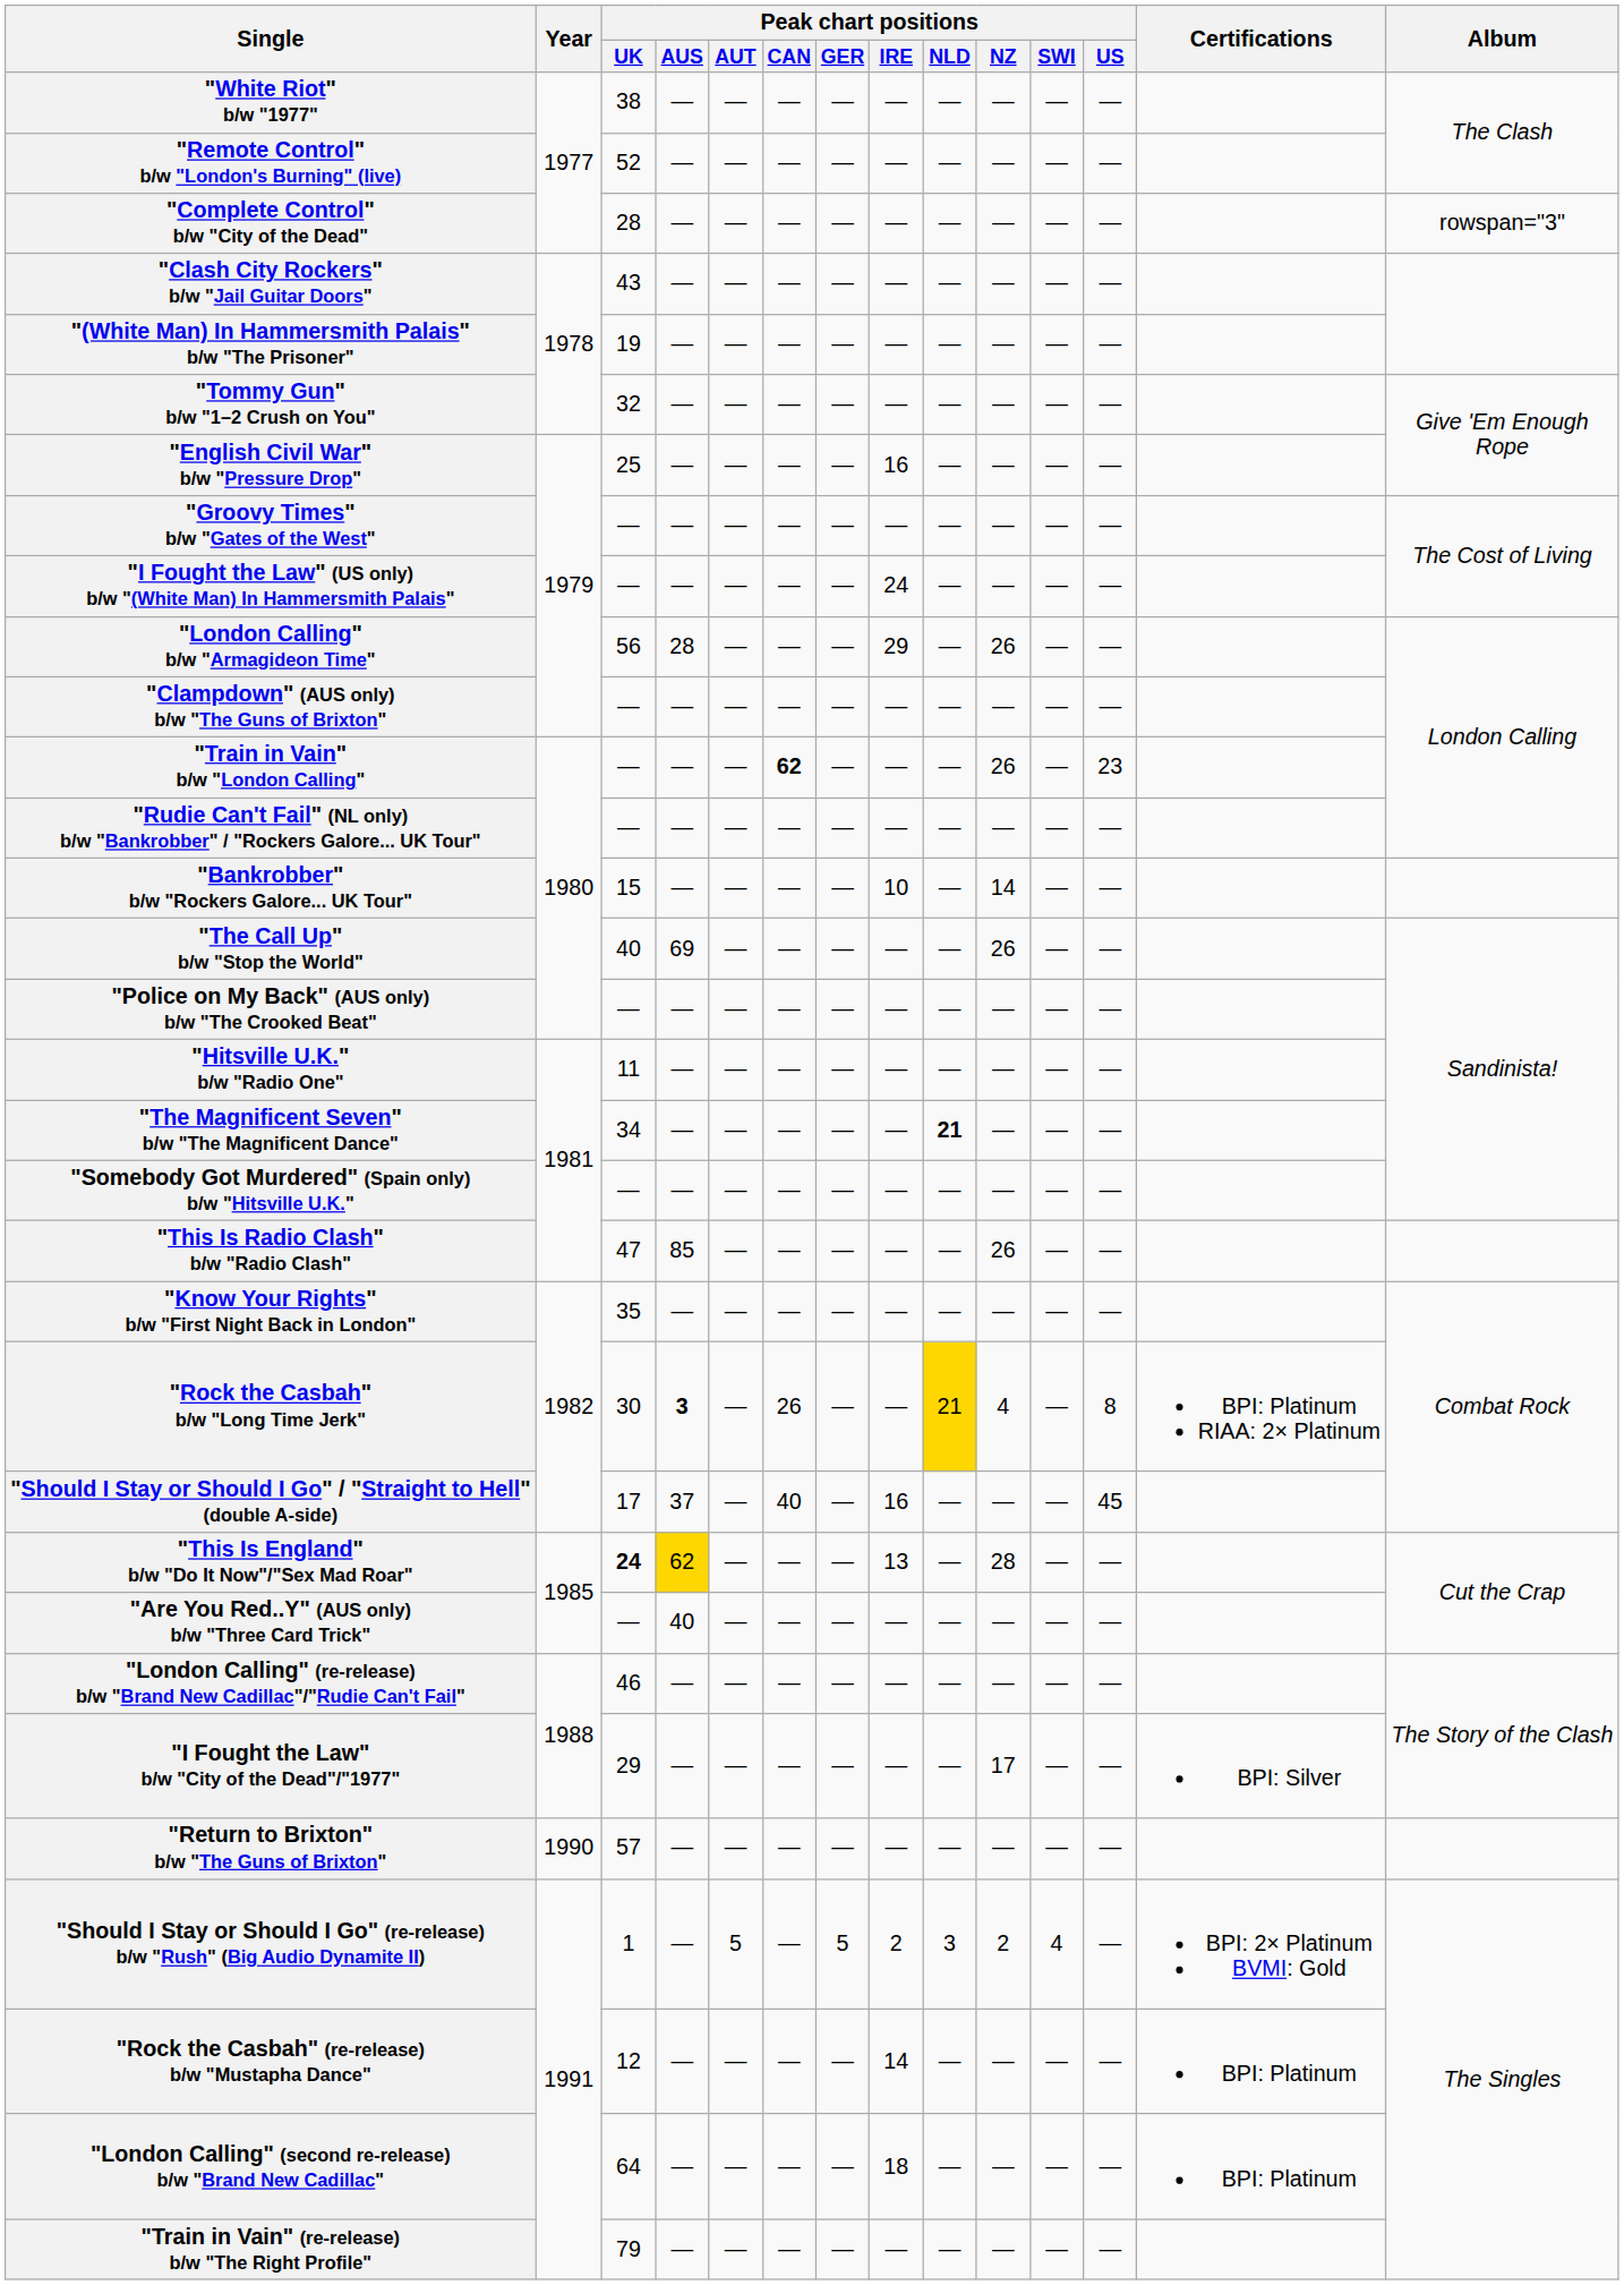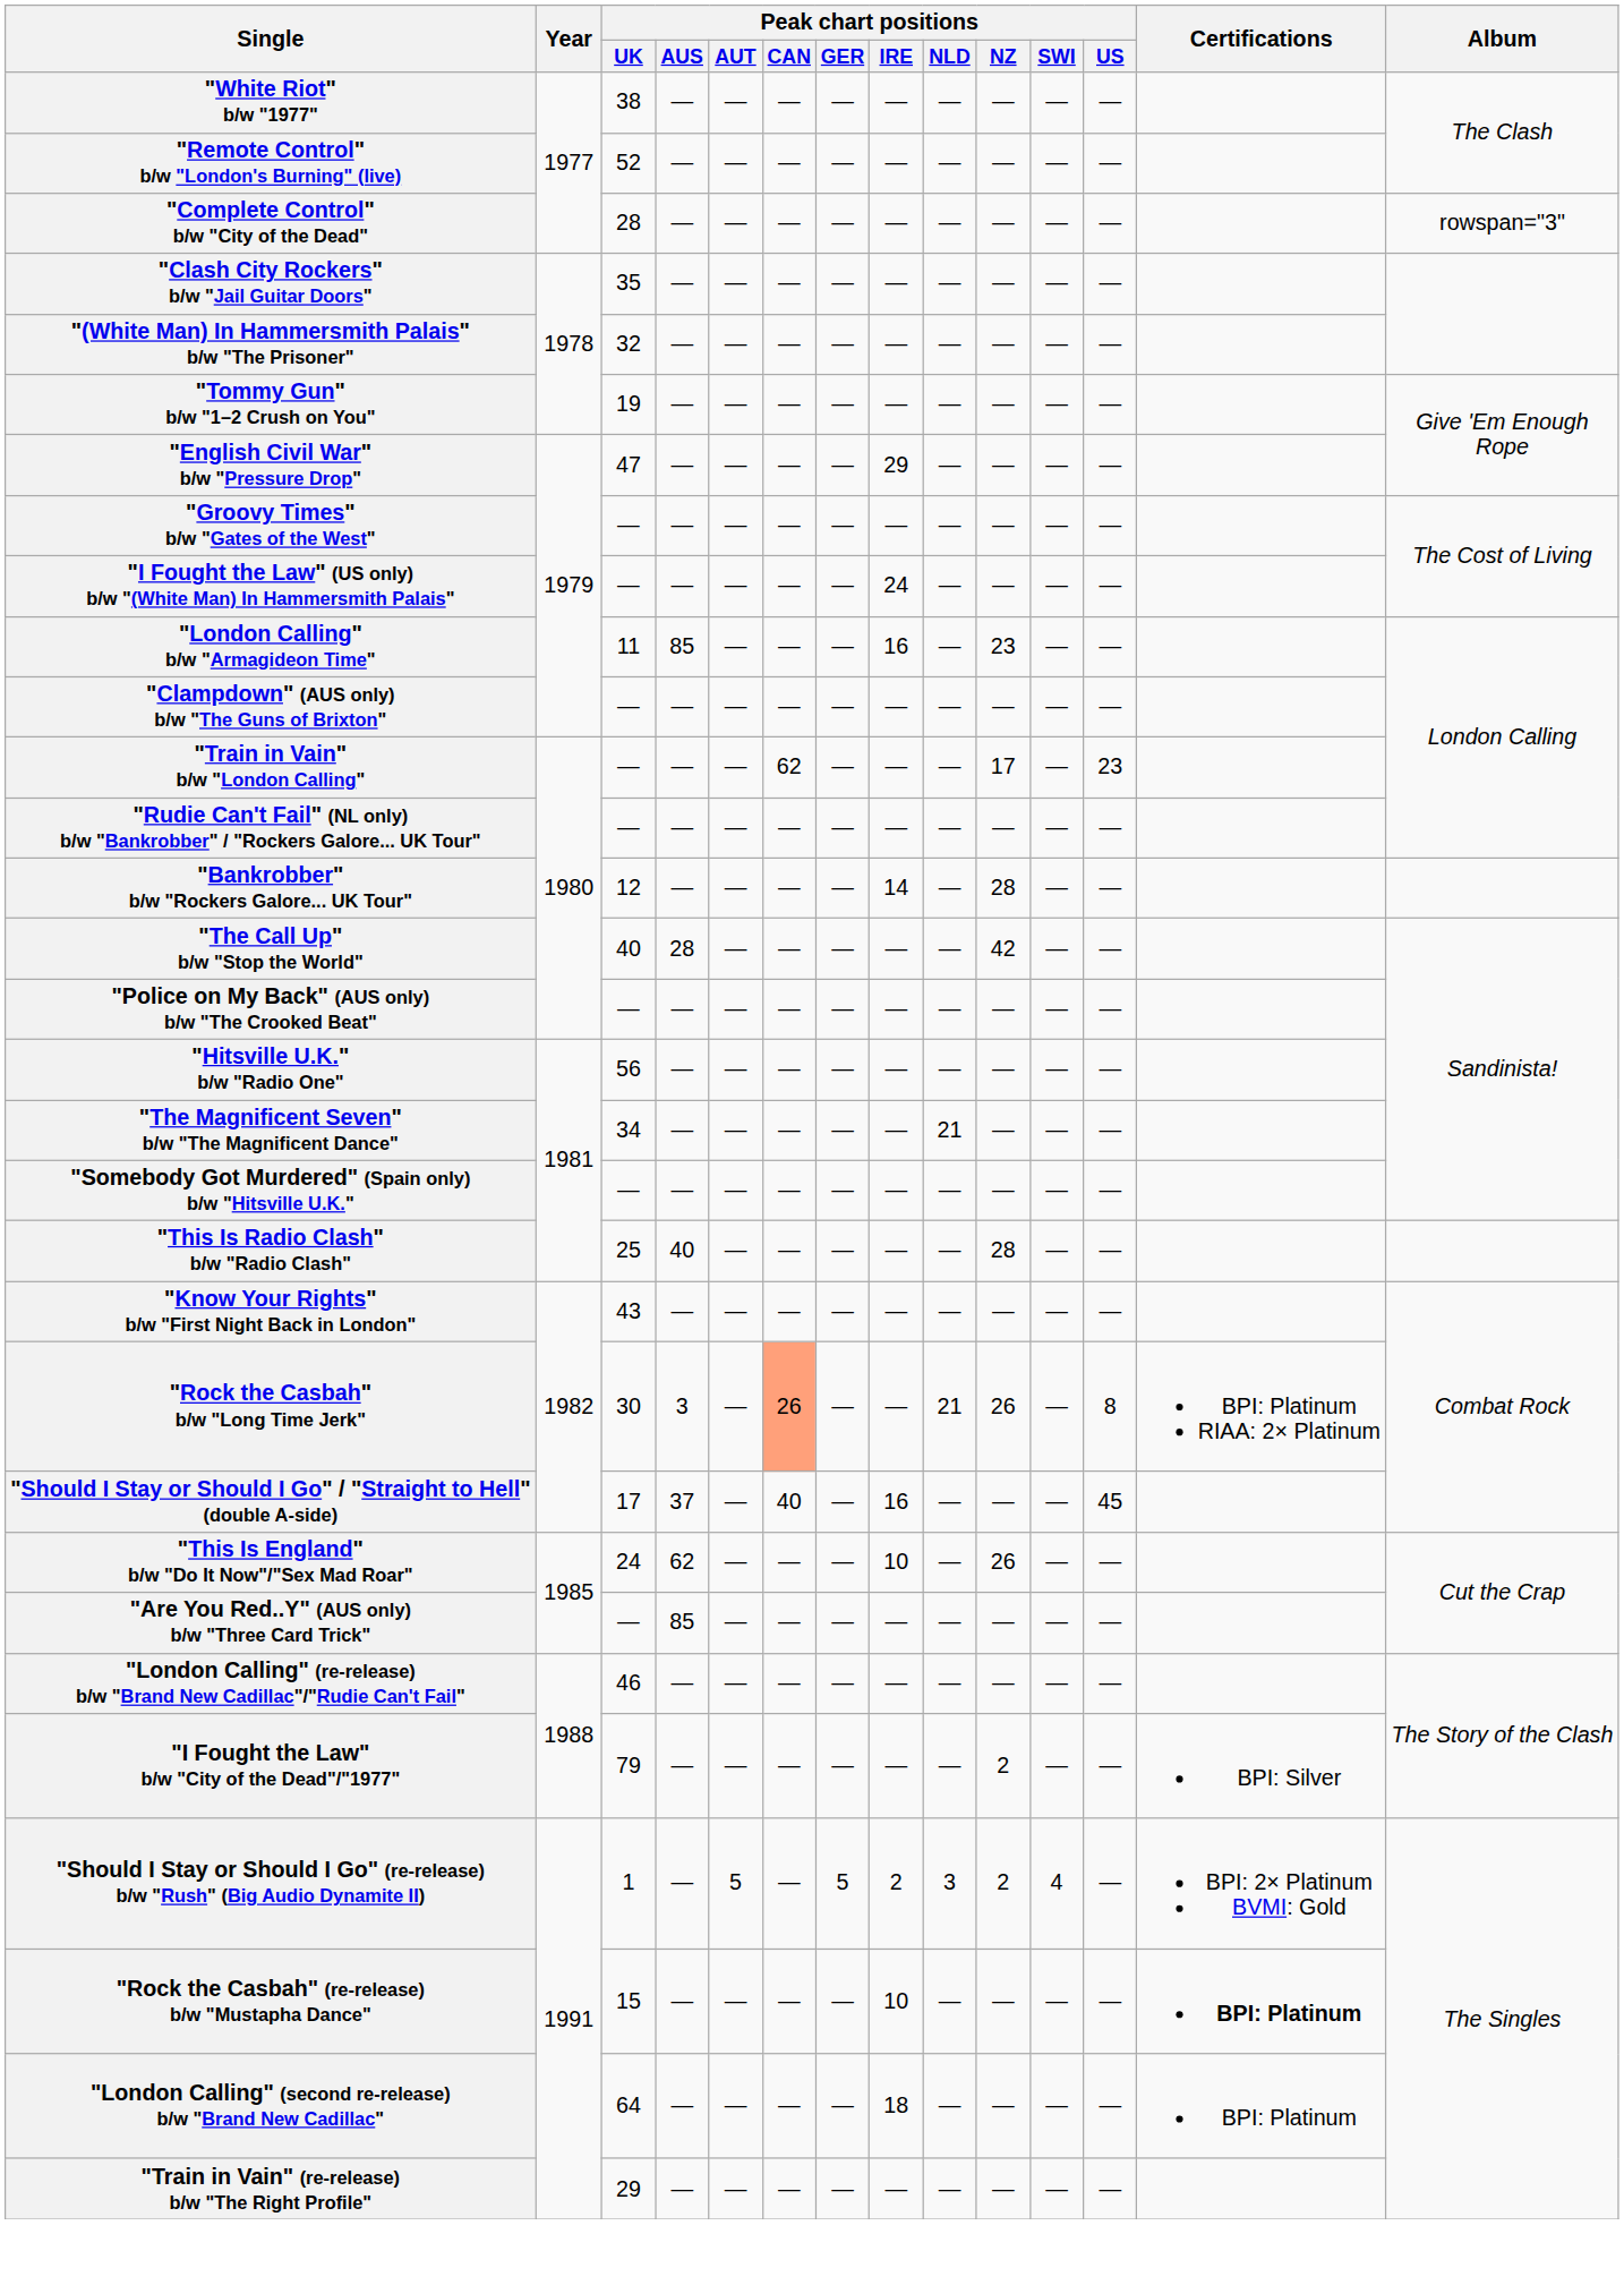 <table class="wikitable plainrowheaders" style="text-align:center;" border="1">
 <tr>
 <th scope="col" rowspan="2">Single</th>
 <th scope="col" rowspan="2" style="width:2.5em;">Year</th>
 <th scope="col" colspan="10">Peak chart positions</th>
 <th scope="col" rowspan="2">Certifications</th>
 <th scope="col" rowspan="2" style="width:10em;">Album</th>
 </tr>
 <tr>
 <th scope="col" style="width:2.2em; font-size:90%;"><a href='#'>UK</a><br></th>
 <th scope="col" style="width:2.2em; font-size:90%;"><a href='#'>AUS</a><br></th>
 <th scope="col" style="width:2.2em; font-size:90%;"><a href='#'>AUT</a><br></th>
 <th scope="col" style="width:2.2em; font-size:90%;"><a href='#'>CAN</a></th>
 <th scope="col" style="width:2.2em; font-size:90%;"><a href='#'>GER</a><br></th>
 <th scope="col" style="width:2.2em; font-size:90%;"><a href='#'>IRE</a><br></th>
 <th scope="col" style="width:2.2em; font-size:90%;"><a href='#'>NLD</a><br></th>
 <th scope="col" style="width:2.2em; font-size:90%;"><a href='#'>NZ</a><br></th>
 <th scope="col" style="width:2.2em; font-size:90%;"><a href='#'>SWI</a><br></th>
 <th scope="col" style="width:2.2em; font-size:90%;"><a href='#'>US</a><br></th>
 </tr>
 <tr>
 <th scope="row">"<a href='#'>White Riot</a>"<br><small>b/w "1977"</small></th>
 <td rowspan="3">1977</td>
 <td>38</td>
 <td>—</td>
 <td>—</td>
 <td>—</td>
 <td>—</td>
 <td>—</td>
 <td>—</td>
 <td>—</td>
 <td>—</td>
 <td>—</td>
 <td></td>
 <td rowspan="2"><em>The Clash</em></td>
 </tr>
 <tr>
 <th scope="row">"<a href='#'>Remote Control</a>"<br><small>b/w <a href='#'>"London's Burning" (live)</a></small></th>
 <td>52</td>
 <td>—</td>
 <td>—</td>
 <td>—</td>
 <td>—</td>
 <td>—</td>
 <td>—</td>
 <td>—</td>
 <td>—</td>
 <td>—</td>
 <td></td>
 </tr>
 <tr>
 <th scope="row">"<a href='#'>Complete Control</a>"<br><small>b/w "City of the Dead"</small></th>
 <td>28</td>
 <td>—</td>
 <td>—</td>
 <td>—</td>
 <td>—</td>
 <td>—</td>
 <td>—</td>
 <td>—</td>
 <td>—</td>
 <td>—</td>
 <td></td>
 <td>rowspan="3" </td>
 </tr>
 <tr>
 <th scope="row">"<a href='#'>Clash City Rockers</a>"<br><small>b/w "<a href='#'>Jail Guitar Doors</a>"</small></th>
 <td rowspan="3">1978</td>
-<td>43</td>
+<td>35</td>
 <td>—</td>
 <td>—</td>
 <td>—</td>
 <td>—</td>
 <td>—</td>
 <td>—</td>
 <td>—</td>
 <td>—</td>
 <td>—</td>
 <td></td>
 </tr>
 <tr>
 <th scope="row">"<a href='#'>(White Man) In Hammersmith Palais</a>"<br><small>b/w "The Prisoner"</small></th>
-<td>19</td>
+<td>32</td>
 <td>—</td>
 <td>—</td>
 <td>—</td>
 <td>—</td>
 <td>—</td>
 <td>—</td>
 <td>—</td>
 <td>—</td>
 <td>—</td>
 <td></td>
 </tr>
 <tr>
 <th scope="row">"<a href='#'>Tommy Gun</a>"<br><small>b/w "1–2 Crush on You"</small></th>
-<td>32</td>
+<td>19</td>
 <td>—</td>
 <td>—</td>
 <td>—</td>
 <td>—</td>
 <td>—</td>
 <td>—</td>
 <td>—</td>
 <td>—</td>
 <td>—</td>
 <td></td>
 <td rowspan="2"><em>Give 'Em Enough Rope</em></td>
 </tr>
 <tr>
 <th scope="row">"<a href='#'>English Civil War</a>"<br><small>b/w "<a href='#'>Pressure Drop</a>"</small></th>
 <td rowspan="5">1979</td>
-<td>25</td>
+<td>47</td>
 <td>—</td>
 <td>—</td>
 <td>—</td>
 <td>—</td>
-<td>16</td>
+<td>29</td>
 <td>—</td>
 <td>—</td>
 <td>—</td>
 <td>—</td>
 <td></td>
 </tr>
 <tr>
 <th scope="row">"<a href='#'>Groovy Times</a>"<br><small>b/w "<a href='#'>Gates of the West</a>"</small></th>
 <td>—</td>
 <td>—</td>
 <td>—</td>
 <td>—</td>
 <td>—</td>
 <td>—</td>
 <td>—</td>
 <td>—</td>
 <td>—</td>
 <td>—</td>
 <td></td>
 <td rowspan="2"><em>The Cost of Living</em></td>
 </tr>
 <tr>
 <th scope="row">"<a href='#'>I Fought the Law</a>" <small>(US only)</small><br><small>b/w "<a href='#'>(White Man) In Hammersmith Palais</a>"</small></th>
 <td>—</td>
 <td>—</td>
 <td>—</td>
 <td>—</td>
 <td>—</td>
 <td>24</td>
 <td>—</td>
 <td>—</td>
 <td>—</td>
 <td>—</td>
 <td></td>
 </tr>
 <tr>
 <th scope="row">"<a href='#'>London Calling</a>"<br><small>b/w "<a href='#'>Armagideon Time</a>"</small></th>
-<td>56</td>
-<td>28</td>
+<td>11</td>
+<td>85</td>
 <td>—</td>
 <td>—</td>
 <td>—</td>
-<td>29</td>
+<td>16</td>
 <td>—</td>
-<td>26</td>
+<td>23</td>
 <td>—</td>
 <td>—</td>
 <td></td>
 <td rowspan="4"><em>London Calling</em></td>
 </tr>
 <tr>
 <th scope="row">"<a href='#'>Clampdown</a>" <small>(AUS only)</small><br><small>b/w "<a href='#'>The Guns of Brixton</a>"</small></th>
 <td>—</td>
 <td>—</td>
 <td>—</td>
 <td>—</td>
 <td>—</td>
 <td>—</td>
 <td>—</td>
 <td>—</td>
 <td>—</td>
 <td>—</td>
 <td></td>
 </tr>
 <tr>
 <th scope="row">"<a href='#'>Train in Vain</a>"<br><small>b/w "<a href='#'>London Calling</a>"</small></th>
 <td rowspan="5">1980</td>
 <td>—</td>
 <td>—</td>
 <td>—</td>
-<td><strong>62</strong></td>
+<td>62</td>
 <td>—</td>
 <td>—</td>
 <td>—</td>
-<td>26</td>
+<td>17</td>
 <td>—</td>
 <td>23</td>
 <td></td>
 </tr>
 <tr>
 <th scope="row">"<a href='#'>Rudie Can't Fail</a>" <small>(NL only)</small><br><small>b/w "<a href='#'>Bankrobber</a>" / "Rockers Galore... UK Tour"</small></th>
 <td>—</td>
 <td>—</td>
 <td>—</td>
 <td>—</td>
 <td>—</td>
 <td>—</td>
 <td>—</td>
 <td>—</td>
 <td>—</td>
 <td>—</td>
 <td></td>
 </tr>
 <tr>
 <th scope="row">"<a href='#'>Bankrobber</a>"<br><small>b/w "Rockers Galore... UK Tour"</small></th>
-<td>15</td>
+<td>12</td>
 <td>—</td>
 <td>—</td>
 <td>—</td>
 <td>—</td>
-<td>10</td>
+<td>14</td>
 <td>—</td>
-<td>14</td>
+<td>28</td>
 <td>—</td>
 <td>—</td>
 <td></td>
 <td></td>
 </tr>
 <tr>
 <th scope="row">"<a href='#'>The Call Up</a>"<br><small>b/w "Stop the World"</small></th>
 <td>40</td>
-<td>69</td>
+<td>28</td>
 <td>—</td>
 <td>—</td>
 <td>—</td>
 <td>—</td>
 <td>—</td>
-<td>26</td>
+<td>42</td>
 <td>—</td>
 <td>—</td>
 <td></td>
 <td rowspan="5"><em>Sandinista!</em></td>
 </tr>
 <tr>
 <th scope="row">"Police on My Back" <small>(AUS only)</small><br><small>b/w "The Crooked Beat"</small></th>
 <td>—</td>
 <td>—</td>
 <td>—</td>
 <td>—</td>
 <td>—</td>
 <td>—</td>
 <td>—</td>
 <td>—</td>
 <td>—</td>
 <td>—</td>
 <td></td>
 </tr>
 <tr>
 <th scope="row">"<a href='#'>Hitsville U.K.</a>"<br><small>b/w "Radio One"</small></th>
 <td rowspan="4">1981</td>
-<td>11</td>
+<td>56</td>
 <td>—</td>
 <td>—</td>
 <td>—</td>
 <td>—</td>
 <td>—</td>
 <td>—</td>
 <td>—</td>
 <td>—</td>
 <td>—</td>
 <td></td>
 </tr>
 <tr>
 <th scope="row">"<a href='#'>The Magnificent Seven</a>"<br><small>b/w "The Magnificent Dance"</small></th>
 <td>34</td>
 <td>—</td>
 <td>—</td>
 <td>—</td>
 <td>—</td>
 <td>—</td>
-<td><strong>21</strong></td>
+<td>21</td>
 <td>—</td>
 <td>—</td>
 <td>—</td>
 <td></td>
 </tr>
 <tr>
 <th scope="row">"Somebody Got Murdered" <small>(Spain only)</small><br><small>b/w "<a href='#'>Hitsville U.K.</a>"</small></th>
 <td>—</td>
 <td>—</td>
 <td>—</td>
 <td>—</td>
 <td>—</td>
 <td>—</td>
 <td>—</td>
 <td>—</td>
 <td>—</td>
 <td>—</td>
 <td></td>
 </tr>
 <tr>
 <th scope="row">"<a href='#'>This Is Radio Clash</a>"<br><small>b/w "Radio Clash"</small></th>
-<td>47</td>
-<td>85</td>
+<td>25</td>
+<td>40</td>
 <td>—</td>
 <td>—</td>
 <td>—</td>
 <td>—</td>
 <td>—</td>
-<td>26</td>
+<td>28</td>
 <td>—</td>
 <td>—</td>
 <td></td>
 <td></td>
 </tr>
 <tr>
 <th scope="row">"<a href='#'>Know Your Rights</a>"<br><small>b/w "First Night Back in London"</small></th>
 <td rowspan="3">1982</td>
-<td>35</td>
+<td>43</td>
 <td>—</td>
 <td>—</td>
 <td>—</td>
 <td>—</td>
 <td>—</td>
 <td>—</td>
 <td>—</td>
 <td>—</td>
 <td>—</td>
 <td></td>
 <td rowspan="3"><em>Combat Rock</em></td>
 </tr>
 <tr>
 <th scope="row">"<a href='#'>Rock the Casbah</a>"<br><small>b/w "Long Time Jerk"</small></th>
 <td>30</td>
-<td><strong>3</strong></td>
+<td>3</td>
 <td>—</td>
-<td>26</td>
+<td style="background: lightsalmon;">26</td>
 <td>—</td>
 <td>—</td>
-<td style="background: gold;">21</td>
-<td>4</td>
+<td>21</td>
+<td>26</td>
 <td>—</td>
 <td>8</td>
 <td><br><ul><li>BPI: Platinum</li><li>RIAA: 2× Platinum</li></ul></td>
 </tr>
 <tr>
 <th scope="row">"<a href='#'>Should I Stay or Should I Go</a>" / "<a href='#'>Straight to Hell</a>"<br><small>(double A-side)</small></th>
 <td>17</td>
 <td>37</td>
 <td>—</td>
 <td>40</td>
 <td>—</td>
 <td>16</td>
 <td>—</td>
 <td>—</td>
 <td>—</td>
 <td>45</td>
 <td></td>
 </tr>
 <tr>
 <th scope="row">"<a href='#'>This Is England</a>"<br><small>b/w "Do It Now"/"Sex Mad Roar"</small></th>
 <td rowspan="2">1985</td>
-<td><strong>24</strong></td>
-<td style="background: gold;">62</td>
+<td>24</td>
+<td>62</td>
 <td>—</td>
 <td>—</td>
 <td>—</td>
-<td>13</td>
+<td>10</td>
 <td>—</td>
-<td>28</td>
+<td>26</td>
 <td>—</td>
 <td>—</td>
 <td></td>
 <td rowspan="2"><em>Cut the Crap</em></td>
 </tr>
 <tr>
 <th scope="row">"Are You Red..Y" <small>(AUS only)</small><br><small>b/w "Three Card Trick"</small></th>
 <td>—</td>
-<td>40</td>
+<td>85</td>
 <td>—</td>
 <td>—</td>
 <td>—</td>
 <td>—</td>
 <td>—</td>
 <td>—</td>
 <td>—</td>
 <td>—</td>
 <td></td>
 </tr>
 <tr>
 <th scope="row">"London Calling" <small>(re-release)</small><br><small>b/w "<a href='#'>Brand New Cadillac</a>"/"<a href='#'>Rudie Can't Fail</a>"</small></th>
 <td rowspan="2">1988</td>
 <td>46</td>
 <td>—</td>
 <td>—</td>
 <td>—</td>
 <td>—</td>
 <td>—</td>
 <td>—</td>
 <td>—</td>
 <td>—</td>
 <td>—</td>
 <td></td>
 <td rowspan="2"><em>The Story of the Clash</em></td>
 </tr>
 <tr>
 <th scope="row">"I Fought the Law"<br><small>b/w "City of the Dead"/"1977"</small></th>
-<td>29</td>
+<td>79</td>
 <td>—</td>
 <td>—</td>
 <td>—</td>
 <td>—</td>
 <td>—</td>
 <td>—</td>
-<td>17</td>
+<td>2</td>
 <td>—</td>
 <td>—</td>
 <td><br><ul><li>BPI: Silver</li></ul></td>
-</tr>
-<tr>
-<th scope="row">"Return to Brixton"<br><small>b/w "<a href='#'>The Guns of Brixton</a>"</small></th>
-<td>1990</td>
-<td>57</td>
-<td>—</td>
-<td>—</td>
-<td>—</td>
-<td>—</td>
-<td>—</td>
-<td>—</td>
-<td>—</td>
-<td>—</td>
-<td>—</td>
-<td></td>
-<td></td>
 </tr>
 <tr>
 <th scope="row">"Should I Stay or Should I Go" <small>(re-release)</small><br><small>b/w "<a href='#'>Rush</a>" (<a href='#'>Big Audio Dynamite II</a>)</small></th>
 <td rowspan="4">1991</td>
 <td>1</td>
 <td>—</td>
 <td>5</td>
 <td>—</td>
 <td>5</td>
 <td>2</td>
 <td>3</td>
 <td>2</td>
 <td>4</td>
 <td>—</td>
 <td><br><ul><li>BPI: 2× Platinum</li><li><a href='#'>BVMI</a>: Gold</li></ul></td>
 <td rowspan="4"><em>The Singles</em></td>
 </tr>
 <tr>
 <th scope="row">"Rock the Casbah" <small>(re-release)</small><br><small>b/w "Mustapha Dance"</small></th>
-<td>12</td>
+<td>15</td>
 <td>—</td>
 <td>—</td>
 <td>—</td>
 <td>—</td>
-<td>14</td>
+<td>10</td>
 <td>—</td>
 <td>—</td>
 <td>—</td>
 <td>—</td>
-<td><br><ul><li>BPI: Platinum</li></ul></td>
+<td><strong><br><ul><li>BPI: Platinum</li></ul></strong></td>
 </tr>
 <tr>
 <th scope="row">"London Calling" <small>(second re-release)</small><br><small>b/w "<a href='#'>Brand New Cadillac</a>"</small></th>
 <td>64</td>
 <td>—</td>
 <td>—</td>
 <td>—</td>
 <td>—</td>
 <td>18</td>
 <td>—</td>
 <td>—</td>
 <td>—</td>
 <td>—</td>
 <td><br><ul><li>BPI: Platinum</li></ul></td>
 </tr>
 <tr>
 <th scope="row">"Train in Vain" <small>(re-release)</small><br><small>b/w "The Right Profile"</small></th>
-<td>79</td>
+<td>29</td>
 <td>—</td>
 <td>—</td>
 <td>—</td>
 <td>—</td>
 <td>—</td>
 <td>—</td>
 <td>—</td>
 <td>—</td>
 <td>—</td>
 <td></td>
 </tr>
 </table>
